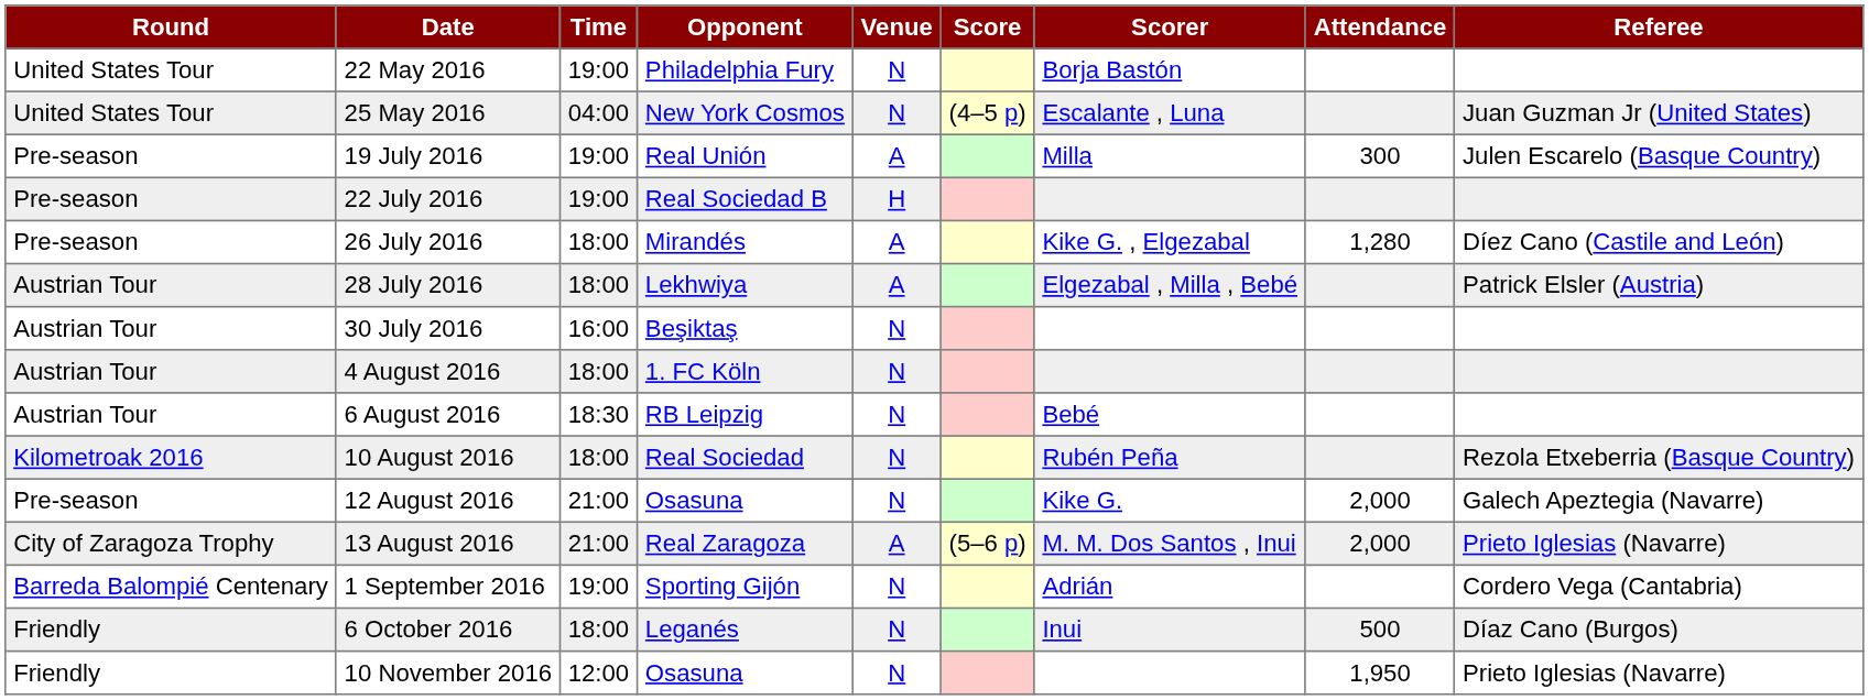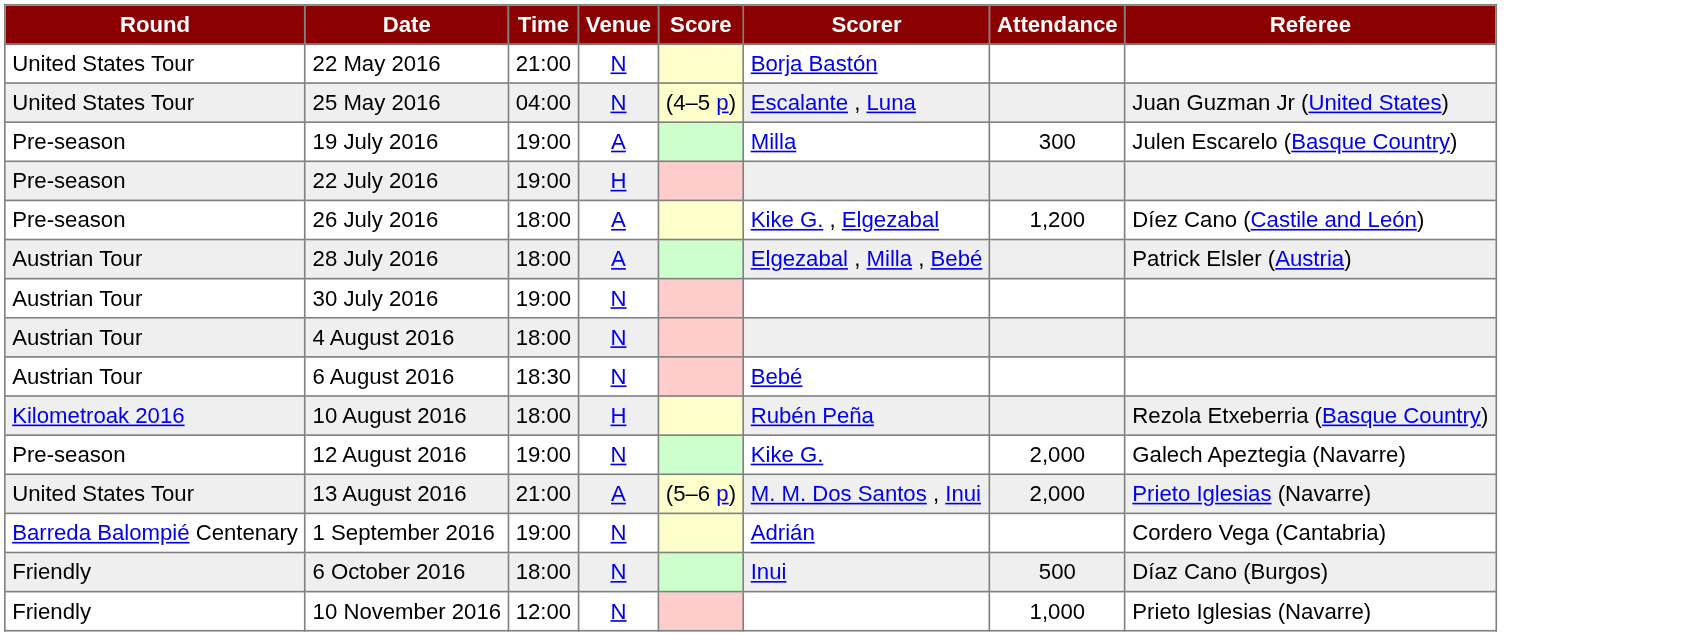 <table cellpadding="4" cellspacing="0" border="1" style="text-align: center; font-size: 85%; border: gray solid 1px; border-collapse: collapse;">
 <tr style="background:#8B0000; color:white;">
 <th>Round</th>
 <th>Date</th>
 <th>Time</th>
-<th>Opponent</th>
 <th>Venue</th>
 <th>Score</th>
 <th>Scorer</th>
 <th>Attendance</th>
 <th>Referee</th>
 </tr>
 <tr>
 <td align="left">United States Tour</td>
 <td align="left">22 May 2016</td>
-<td>19:00</td>
-<td align="left"> <a href='#'>Philadelphia Fury</a></td>
+<td>21:00</td>
 <td><a href='#'>N</a></td>
 <td bgcolor="FFFFCC"></td>
 <td align="left"><a href='#'>Borja Bastón</a> </td>
 <td></td>
 <td align="left"></td>
 </tr>
 <tr bgcolor="#EFEFEF">
 <td align="left">United States Tour</td>
 <td align="left">25 May 2016</td>
 <td>04:00</td>
-<td align="left"> <a href='#'>New York Cosmos</a></td>
 <td><a href='#'>N</a></td>
 <td bgcolor="#FFFFCC"> (4–5 <a href='#'>p</a>)</td>
 <td align="left"><a href='#'>Escalante</a> , <a href='#'>Luna</a> </td>
 <td></td>
 <td align="left">Juan Guzman Jr (<a href='#'>United States</a>)</td>
 </tr>
 <tr>
 <td align="left">Pre-season</td>
 <td align="left">19 July 2016</td>
 <td>19:00</td>
-<td align="left"><a href='#'>Real Unión</a></td>
 <td><a href='#'>A</a></td>
 <td bgcolor="#CCFFCC"></td>
 <td align="left"><a href='#'>Milla</a> </td>
 <td>300</td>
 <td align="left">Julen Escarelo (<a href='#'>Basque Country</a>)</td>
 </tr>
 <tr bgcolor="#EFEFEF">
 <td align="left">Pre-season</td>
 <td align="left">22 July 2016</td>
 <td>19:00</td>
-<td align="left"><a href='#'>Real Sociedad B</a></td>
 <td><a href='#'>H</a></td>
 <td bgcolor="#FFCCCC"></td>
 <td></td>
 <td></td>
 <td align="left"></td>
 </tr>
 <tr>
 <td align="left">Pre-season</td>
 <td align="left">26 July 2016</td>
 <td>18:00</td>
-<td align="left"><a href='#'>Mirandés</a></td>
 <td><a href='#'>A</a></td>
 <td bgcolor="FFFFCC"></td>
 <td align="left"><a href='#'>Kike G.</a> , <a href='#'>Elgezabal</a> </td>
-<td>1,280</td>
+<td>1,200</td>
 <td align="left">Díez Cano (<a href='#'>Castile and León</a>)</td>
 </tr>
 <tr bgcolor="#EFEFEF">
 <td align="left">Austrian Tour</td>
 <td align="left">28 July 2016</td>
 <td>18:00</td>
-<td align="left"> <a href='#'>Lekhwiya</a></td>
 <td><a href='#'>A</a></td>
 <td bgcolor="#CCFFCC"></td>
 <td align="left"><a href='#'>Elgezabal</a> , <a href='#'>Milla</a> , <a href='#'>Bebé</a> </td>
 <td></td>
 <td align="left">Patrick Elsler (<a href='#'>Austria</a>)</td>
 </tr>
 <tr>
 <td align="left">Austrian Tour</td>
 <td align="left">30 July 2016</td>
-<td>16:00</td>
-<td align="left"> <a href='#'>Beşiktaş</a></td>
+<td>19:00</td>
 <td><a href='#'>N</a></td>
 <td bgcolor="#FFCCCC"></td>
 <td></td>
 <td></td>
 <td align="left"></td>
 </tr>
 <tr bgcolor="#EFEFEF">
 <td align="left">Austrian Tour</td>
 <td align="left">4 August 2016</td>
 <td>18:00</td>
-<td align="left"> <a href='#'>1. FC Köln</a></td>
 <td><a href='#'>N</a></td>
 <td bgcolor="#FFCCCC"></td>
 <td></td>
 <td></td>
 <td align="left"></td>
 </tr>
 <tr>
 <td align="left">Austrian Tour</td>
 <td align="left">6 August 2016</td>
 <td>18:30</td>
-<td align="left"> <a href='#'>RB Leipzig</a></td>
 <td><a href='#'>N</a></td>
 <td bgcolor="#FFCCCC"></td>
 <td align="left"><a href='#'>Bebé</a> </td>
 <td></td>
 <td align="left"></td>
 </tr>
 <tr bgcolor="#EFEFEF">
 <td align="left"><a href='#'>Kilometroak 2016</a></td>
 <td align="left">10 August 2016</td>
 <td>18:00</td>
-<td align="left"><a href='#'>Real Sociedad</a></td>
-<td><a href='#'>N</a></td>
+<td><a href='#'>H</a></td>
 <td bgcolor="FFFFCC"></td>
 <td align="left"><a href='#'>Rubén Peña</a> </td>
 <td></td>
 <td align="left">Rezola Etxeberria (<a href='#'>Basque Country</a>)</td>
 </tr>
 <tr>
 <td align="left">Pre-season</td>
 <td align="left">12 August 2016</td>
-<td>21:00</td>
-<td align="left"><a href='#'>Osasuna</a></td>
+<td>19:00</td>
 <td><a href='#'>N</a></td>
 <td bgcolor="#CCFFCC"></td>
 <td align="left"><a href='#'>Kike G.</a> </td>
 <td>2,000</td>
 <td align="left">Galech Apeztegia (Navarre)</td>
 </tr>
 <tr bgcolor="#EFEFEF">
-<td align="left">City of Zaragoza Trophy</td>
+<td align="left">United States Tour</td>
 <td align="left">13 August 2016</td>
 <td>21:00</td>
-<td align="left"><a href='#'>Real Zaragoza</a></td>
 <td><a href='#'>A</a></td>
 <td bgcolor="#FFFFCC"> (5–6 <a href='#'>p</a>)</td>
 <td align="left"><a href='#'>M. M. Dos Santos</a> , <a href='#'>Inui</a> </td>
 <td>2,000</td>
 <td align="left"><a href='#'>Prieto Iglesias</a> (Navarre)</td>
 </tr>
 <tr>
 <td align="left"><a href='#'>Barreda Balompié</a> Centenary</td>
 <td align="left">1 September 2016</td>
 <td>19:00</td>
-<td align="left"><a href='#'>Sporting Gijón</a></td>
 <td><a href='#'>N</a></td>
 <td bgcolor="FFFFCC"></td>
 <td align="left"><a href='#'>Adrián</a> </td>
 <td></td>
 <td align="left">Cordero Vega (Cantabria)</td>
 </tr>
 <tr bgcolor="#EFEFEF">
 <td align="left">Friendly</td>
 <td align="left">6 October 2016</td>
 <td>18:00</td>
-<td align="left"><a href='#'>Leganés</a></td>
 <td><a href='#'>N</a></td>
 <td bgcolor="#CCFFCC"></td>
 <td align="left"><a href='#'>Inui</a> </td>
 <td>500</td>
 <td align="left">Díaz Cano (Burgos)</td>
 </tr>
 <tr>
 <td align="left">Friendly</td>
 <td align="left">10 November 2016</td>
 <td>12:00</td>
-<td align="left"><a href='#'>Osasuna</a></td>
 <td><a href='#'>N</a></td>
 <td bgcolor="#FFCCCC"></td>
 <td></td>
-<td>1,950</td>
+<td>1,000</td>
 <td align="left">Prieto Iglesias (Navarre)</td>
 </tr>
 </table>
